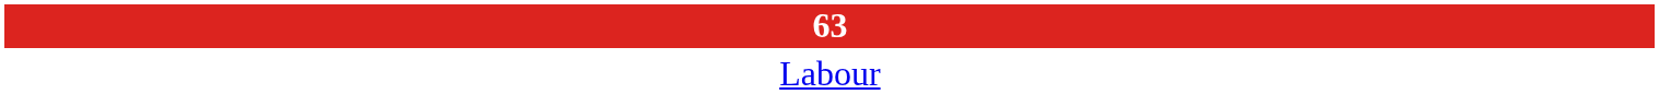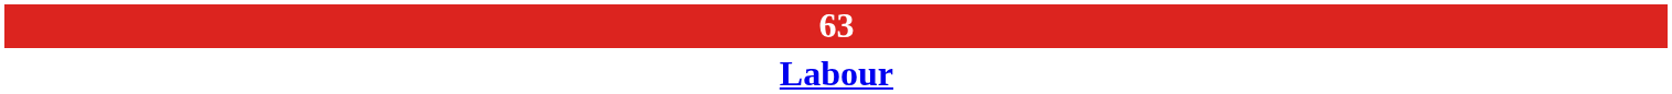 <table style="width:60%; text-align:center;">
 <tr style="color:white;">
 <td style="background:#DC241f; width:100%;"><strong>63</strong></td>
 </tr>
 <tr>
-<td><span><a href='#'>Labour</a></span></td>
+<td><strong><span><a href='#'>Labour</a></span></strong></td>
 </tr>
 </table>
